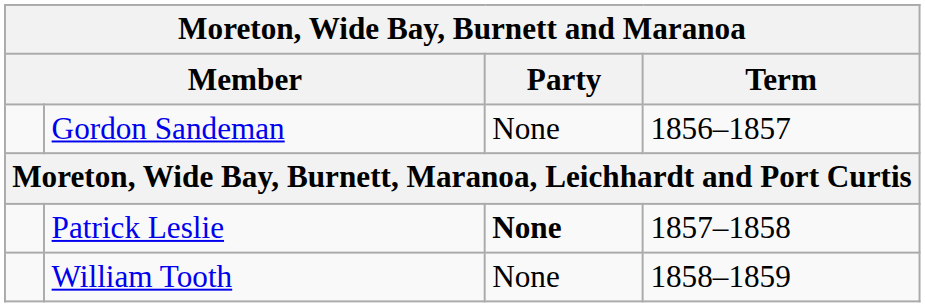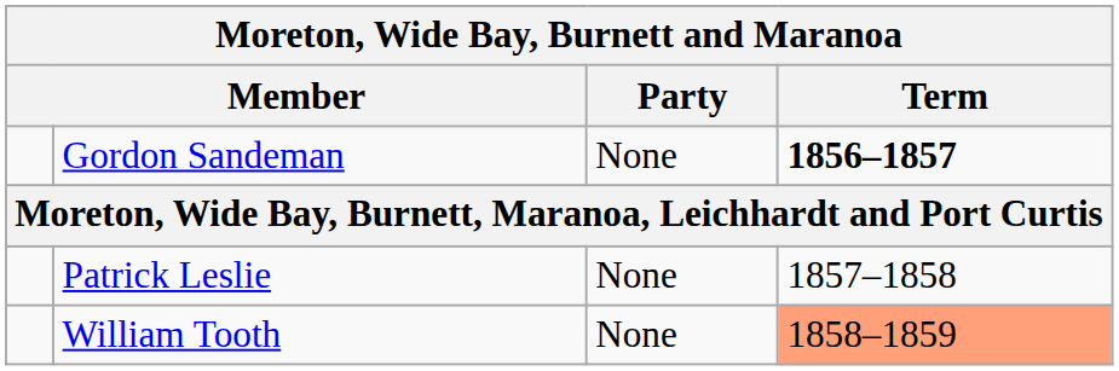 <table class="wikitable">
 <tr>
 <th colspan="4">Moreton, Wide Bay, Burnett and Maranoa</th>
 </tr>
 <tr>
 <th colspan="2">Member</th>
 <th>Party</th>
 <th>Term</th>
 </tr>
 <tr>
 <td> </td>
 <td><a href='#'>Gordon Sandeman</a></td>
 <td>None</td>
-<td>1856–1857</td>
+<td><strong>1856–1857</strong></td>
 </tr>
 <tr>
 <th colspan="4">Moreton, Wide Bay, Burnett, Maranoa, Leichhardt and Port Curtis</th>
 </tr>
 <tr>
 <td> </td>
 <td><a href='#'>Patrick Leslie</a></td>
-<td><strong>None</strong></td>
+<td>None</td>
 <td>1857–1858</td>
 </tr>
 <tr>
 <td> </td>
 <td><a href='#'>William Tooth</a></td>
 <td>None</td>
-<td>1858–1859</td>
+<td style="background: lightsalmon;">1858–1859</td>
 </tr>
 </table>
